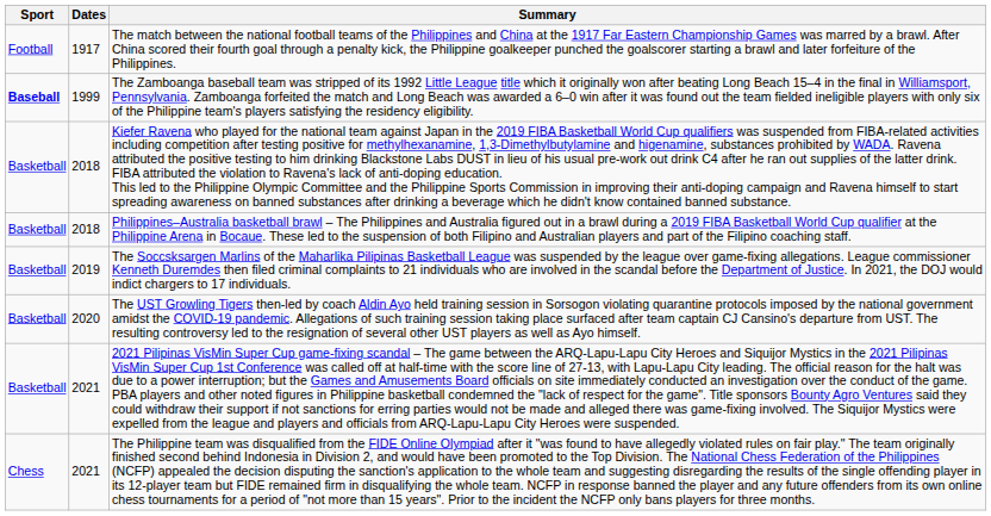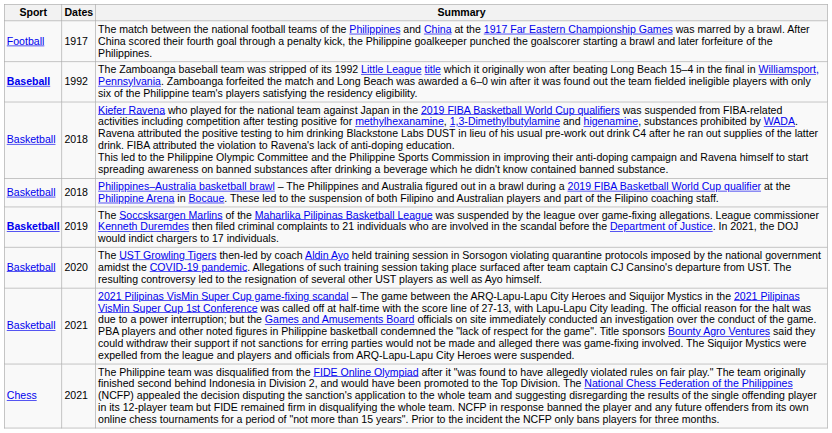 <table class="wikitable sortable">
 <tr>
 <th>Sport <br></th>
 <th>Dates<br></th>
 <th>Summary</th>
 </tr>
 <tr>
 <td><a href='#'>Football</a></td>
 <td>1917</td>
 <td>The match between the national football teams of the <a href='#'>Philippines</a> and <a href='#'>China</a> at the <a href='#'>1917 Far Eastern Championship Games</a> was marred by a brawl. After China scored their fourth goal through a penalty kick, the Philippine goalkeeper punched the goalscorer starting a brawl and later forfeiture of the Philippines.</td>
 </tr>
 <tr>
 <td><strong><a href='#'>Baseball</a></strong></td>
-<td>1999</td>
+<td>1992</td>
 <td>The Zamboanga baseball team was stripped of its 1992 <a href='#'>Little League</a> <a href='#'>title</a> which it originally won after beating Long Beach 15–4 in the final in <a href='#'>Williamsport, Pennsylvania</a>. Zamboanga forfeited the match and Long Beach was awarded a 6–0 win after it was found out the team fielded ineligible players with only six of the Philippine team's players satisfying the residency eligibility.</td>
 </tr>
 <tr>
 <td><a href='#'>Basketball</a></td>
 <td>2018</td>
 <td><a href='#'>Kiefer Ravena</a> who played for the national team against Japan in the <a href='#'>2019 FIBA Basketball World Cup qualifiers</a> was suspended from FIBA-related activities including competition after testing positive for <a href='#'>methylhexanamine</a>, <a href='#'>1,3-Dimethylbutylamine</a> and <a href='#'>higenamine</a>, substances prohibited by <a href='#'>WADA</a>. Ravena attributed the positive testing to him drinking Blackstone Labs DUST in lieu of his usual pre-work out drink C4 after he ran out supplies of the latter drink. FIBA attributed the violation to Ravena's lack of anti-doping education.<br>This led to the Philippine Olympic Committee and the Philippine Sports Commission in improving their anti-doping campaign and Ravena himself to start spreading awareness on banned substances after drinking a beverage which he didn't know contained banned substance.</td>
 </tr>
 <tr>
 <td><a href='#'>Basketball</a></td>
 <td>2018</td>
 <td><a href='#'>Philippines–Australia basketball brawl</a> – The Philippines and Australia figured out in a brawl during a <a href='#'>2019 FIBA Basketball World Cup qualifier</a> at the <a href='#'>Philippine Arena</a> in <a href='#'>Bocaue</a>. These led to the suspension of both Filipino and Australian players and part of the Filipino coaching staff.</td>
 </tr>
 <tr>
-<td><a href='#'>Basketball</a></td>
+<td><strong><a href='#'>Basketball</a></strong></td>
 <td>2019</td>
 <td>The <a href='#'>Soccsksargen Marlins</a> of the <a href='#'>Maharlika Pilipinas Basketball League</a> was suspended by the league over game-fixing allegations. League commissioner <a href='#'>Kenneth Duremdes</a> then filed criminal complaints to 21 individuals who are involved in the scandal before the <a href='#'>Department of Justice</a>. In 2021, the DOJ would indict chargers to 17 individuals.</td>
 </tr>
 <tr>
 <td><a href='#'>Basketball</a></td>
 <td>2020</td>
 <td>The <a href='#'>UST Growling Tigers</a> then-led by coach <a href='#'>Aldin Ayo</a> held training session in Sorsogon violating quarantine protocols imposed by the national government amidst the <a href='#'>COVID-19 pandemic</a>. Allegations of such training session taking place surfaced after team captain CJ Cansino's departure from UST. The resulting controversy led to the resignation of several other UST players as well as Ayo himself.</td>
 </tr>
 <tr>
 <td><a href='#'>Basketball</a></td>
 <td>2021</td>
 <td><a href='#'>2021 Pilipinas VisMin Super Cup game-fixing scandal</a> – The game between the ARQ-Lapu-Lapu City Heroes and Siquijor Mystics in the <a href='#'>2021 Pilipinas VisMin Super Cup 1st Conference</a> was called off at half-time with the score line of 27-13, with Lapu-Lapu City leading. The official reason for the halt was due to a power interruption; but the <a href='#'>Games and Amusements Board</a> officials on site immediately conducted an investigation over the conduct of the game. PBA players and other noted figures in Philippine basketball condemned the "lack of respect for the game". Title sponsors <a href='#'>Bounty Agro Ventures</a> said they could withdraw their support if not sanctions for erring parties would not be made and alleged there was game-fixing involved. The Siquijor Mystics were expelled from the league and players and officials from ARQ-Lapu-Lapu City Heroes were suspended.</td>
 </tr>
 <tr>
 <td><a href='#'>Chess</a></td>
 <td>2021</td>
 <td>The Philippine team was disqualified from the <a href='#'>FIDE Online Olympiad</a> after it "was found to have allegedly violated rules on fair play." The team originally finished second behind Indonesia in Division 2, and would have been promoted to the Top Division. The <a href='#'>National Chess Federation of the Philippines</a> (NCFP) appealed the decision disputing the sanction's application to the whole team and suggesting disregarding the results of the single offending player in its 12-player team but FIDE remained firm in disqualifying the whole team. NCFP in response banned the player and any future offenders from its own online chess tournaments for a period of "not more than 15 years". Prior to the incident the NCFP only bans players for three months.</td>
 </tr>
 </table>
